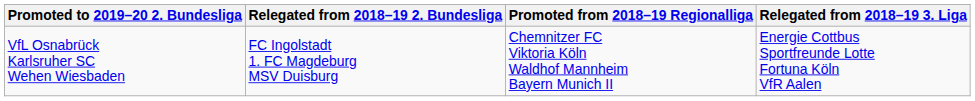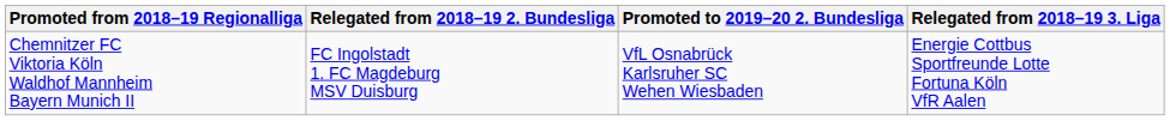 <table class="wikitable">
 <tr>
+<th>Promoted from <a href='#'>2018–19 Regionalliga</a></th>
+<th>Relegated from <a href='#'>2018–19 2. Bundesliga</a></th>
 <th>Promoted to <a href='#'>2019–20 2. Bundesliga</a></th>
-<th>Relegated from <a href='#'>2018–19 2. Bundesliga</a></th>
-<th>Promoted from <a href='#'>2018–19 Regionalliga</a></th>
 <th>Relegated from <a href='#'>2018–19 3. Liga</a></th>
 </tr>
 <tr>
+<td><a href='#'>Chemnitzer FC</a><br><a href='#'>Viktoria Köln</a><br><a href='#'>Waldhof Mannheim</a><br><a href='#'>Bayern Munich II</a></td>
+<td><a href='#'>FC Ingolstadt</a><br><a href='#'>1. FC Magdeburg</a><br><a href='#'>MSV Duisburg</a></td>
 <td><a href='#'>VfL Osnabrück</a><br><a href='#'>Karlsruher SC</a><br><a href='#'>Wehen Wiesbaden</a></td>
-<td><a href='#'>FC Ingolstadt</a><br><a href='#'>1. FC Magdeburg</a><br><a href='#'>MSV Duisburg</a></td>
-<td><a href='#'>Chemnitzer FC</a><br><a href='#'>Viktoria Köln</a><br><a href='#'>Waldhof Mannheim</a><br><a href='#'>Bayern Munich II</a></td>
 <td><a href='#'>Energie Cottbus</a><br><a href='#'>Sportfreunde Lotte</a><br><a href='#'>Fortuna Köln</a><br><a href='#'>VfR Aalen</a></td>
 </tr>
 </table>
